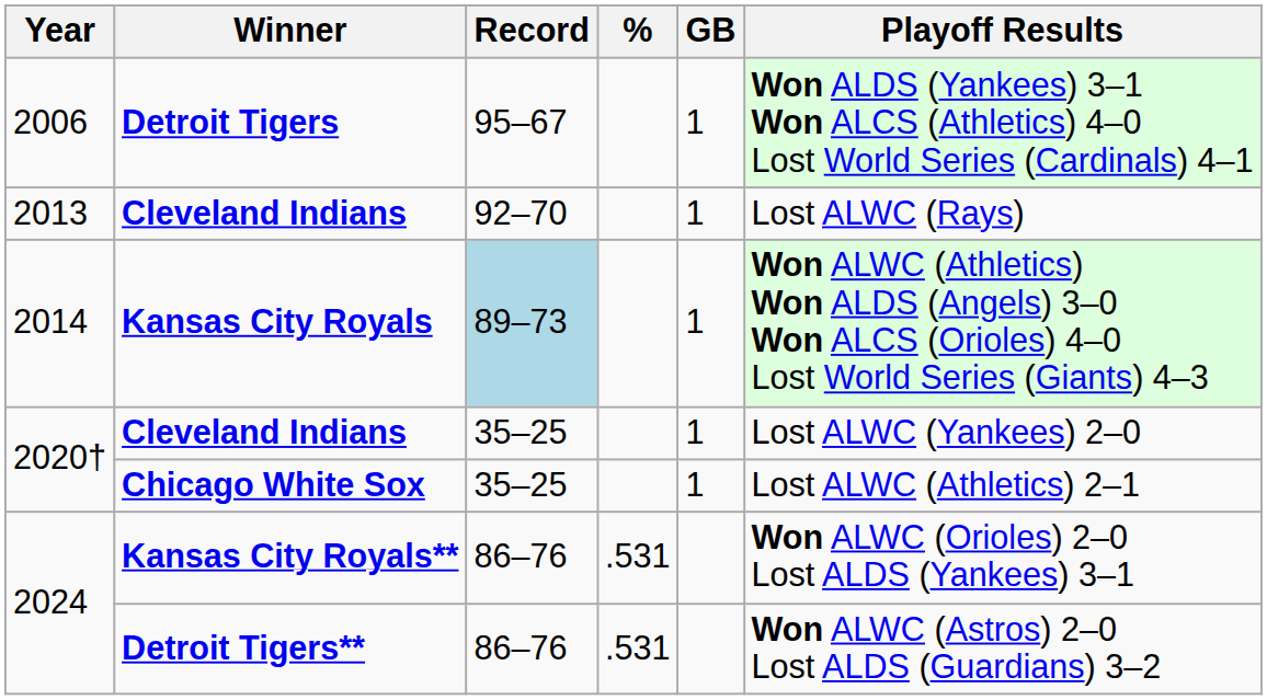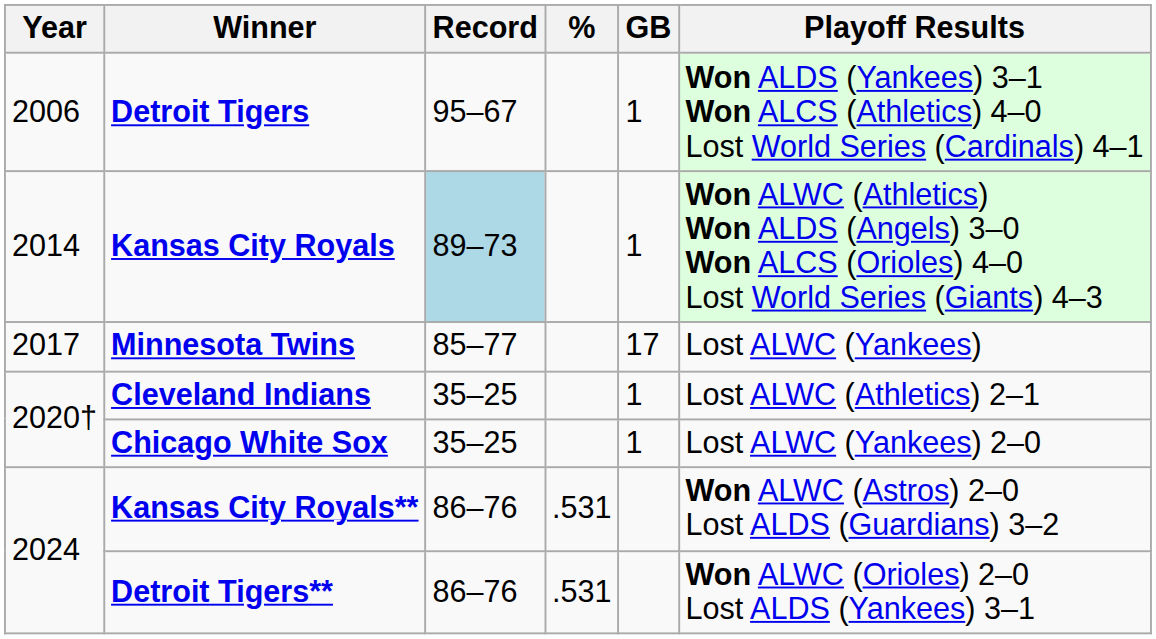 <table class="wikitable">
 <tr>
 <th>Year</th>
 <th>Winner</th>
 <th>Record</th>
 <th>%</th>
 <th>GB</th>
 <th>Playoff Results</th>
 </tr>
 <tr>
 <td>2006</td>
 <td><strong><a href='#'><span>Detroit Tigers</span></a></strong></td>
 <td>95–67</td>
 <td></td>
 <td>1</td>
 <td bgcolor="#ddffdd"><strong>Won</strong> <a href='#'>ALDS</a> (<a href='#'>Yankees</a>) 3–1<br><strong>Won</strong> <a href='#'>ALCS</a> (<a href='#'>Athletics</a>) 4–0<br>Lost <a href='#'>World Series</a> (<a href='#'>Cardinals</a>) 4–1</td>
 </tr>
 <tr>
-<td>2013</td>
-<td><strong><a href='#'><span>Cleveland Indians</span></a></strong></td>
-<td>92–70</td>
-<td></td>
-<td>1</td>
-<td>Lost <a href='#'>ALWC</a> (<a href='#'>Rays</a>)</td>
-</tr>
-<tr>
 <td>2014</td>
 <td><strong><a href='#'><span>Kansas City Royals</span></a></strong></td>
 <td style="background: lightblue;">89–73</td>
 <td></td>
 <td>1</td>
 <td bgcolor="#ddffdd"><strong>Won</strong> <a href='#'>ALWC</a> (<a href='#'>Athletics</a>)<br><strong>Won</strong> <a href='#'>ALDS</a> (<a href='#'>Angels</a>) 3–0<br><strong>Won</strong> <a href='#'>ALCS</a> (<a href='#'>Orioles</a>) 4–0<br>Lost <a href='#'>World Series</a> (<a href='#'>Giants</a>) 4–3</td>
 </tr>
 <tr>
+<td>2017</td>
+<td><strong><a href='#'><span>Minnesota Twins</span></a></strong></td>
+<td>85–77</td>
+<td></td>
+<td>17</td>
+<td>Lost <a href='#'>ALWC</a> (<a href='#'>Yankees</a>)</td>
+</tr>
+<tr>
 <td rowspan=2>2020†</td>
 <td><strong><a href='#'><span>Cleveland Indians</span></a></strong></td>
 <td>35–25</td>
 <td></td>
 <td>1</td>
-<td>Lost <a href='#'>ALWC</a> (<a href='#'>Yankees</a>) 2–0</td>
+<td>Lost <a href='#'>ALWC</a> (<a href='#'>Athletics</a>) 2–1</td>
 </tr>
 <tr>
 <td><strong><a href='#'><span>Chicago White Sox</span></a></strong></td>
 <td>35–25</td>
 <td></td>
 <td>1</td>
-<td>Lost <a href='#'>ALWC</a> (<a href='#'>Athletics</a>) 2–1</td>
+<td>Lost <a href='#'>ALWC</a> (<a href='#'>Yankees</a>) 2–0</td>
 </tr>
 <tr>
 <td rowspan=2>2024</td>
 <td><strong><a href='#'><span>Kansas City Royals**</span></a></strong></td>
 <td>86–76</td>
 <td>.531</td>
 <td></td>
-<td><strong>Won</strong> <a href='#'>ALWC</a> (<a href='#'>Orioles</a>) 2–0<br>Lost <a href='#'>ALDS</a> (<a href='#'>Yankees</a>) 3–1</td>
+<td><strong>Won</strong> <a href='#'>ALWC</a> (<a href='#'>Astros</a>) 2–0<br>Lost <a href='#'>ALDS</a> (<a href='#'>Guardians</a>) 3–2</td>
 </tr>
 <tr>
 <td><strong><a href='#'><span>Detroit Tigers**</span></a></strong></td>
 <td>86–76</td>
 <td>.531</td>
 <td></td>
-<td><strong>Won</strong> <a href='#'>ALWC</a> (<a href='#'>Astros</a>) 2–0<br>Lost <a href='#'>ALDS</a> (<a href='#'>Guardians</a>) 3–2</td>
+<td><strong>Won</strong> <a href='#'>ALWC</a> (<a href='#'>Orioles</a>) 2–0<br>Lost <a href='#'>ALDS</a> (<a href='#'>Yankees</a>) 3–1</td>
 </tr>
 </table>
